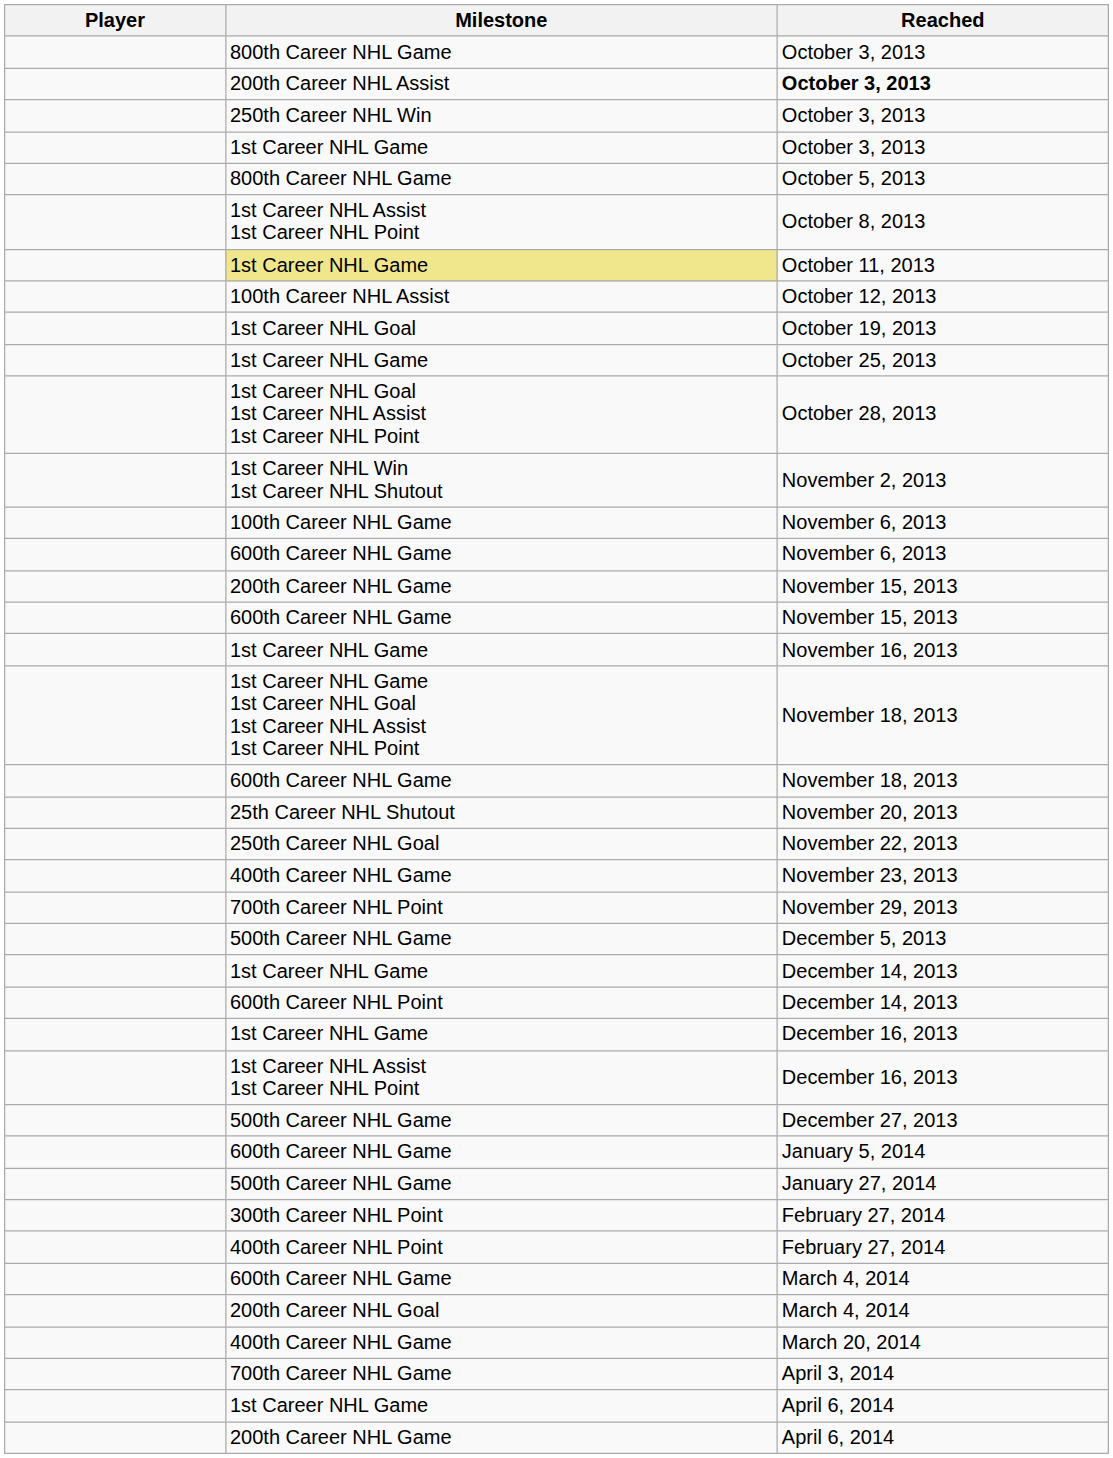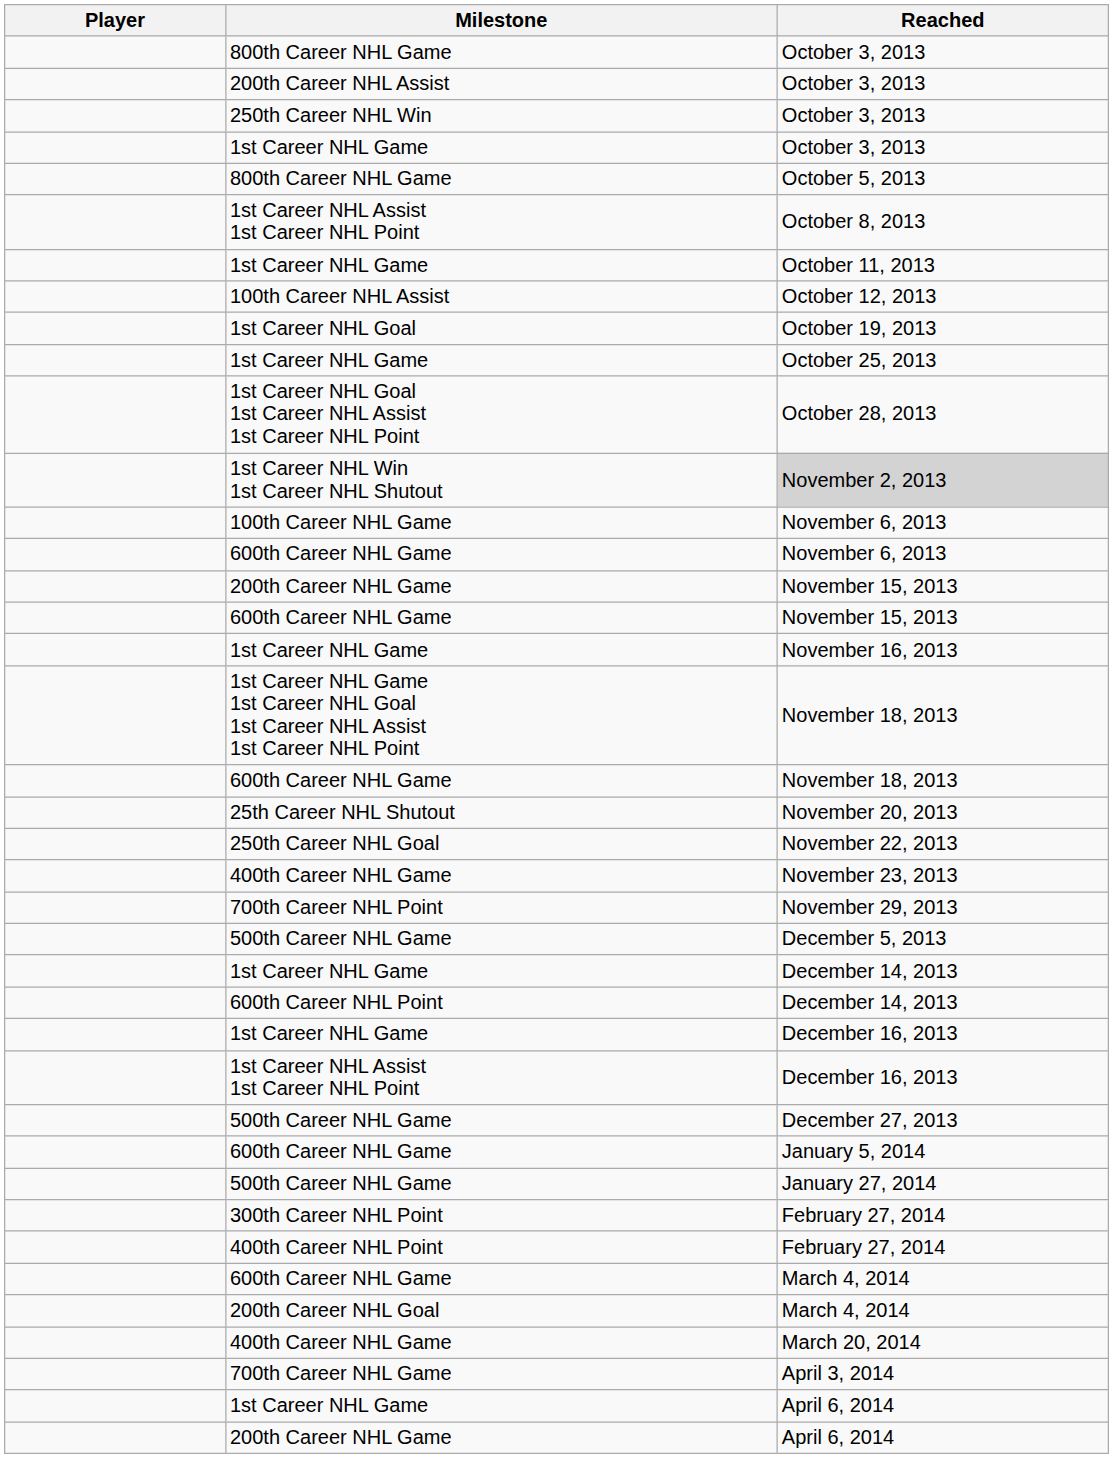 <table class="wikitable sortable" style="width:100%;">
 <tr align=center>
 <th style="width:20%;">Player</th>
 <th style="width:50%;">Milestone</th>
 <th style="width:30%;" data-sort-type="date">Reached</th>
 </tr>
 <tr>
 <td></td>
 <td>800th Career NHL Game</td>
 <td>October 3, 2013</td>
 </tr>
 <tr>
 <td></td>
 <td>200th Career NHL Assist</td>
-<td><strong>October 3, 2013</strong></td>
+<td>October 3, 2013</td>
 </tr>
 <tr>
 <td></td>
 <td>250th Career NHL Win</td>
 <td>October 3, 2013</td>
 </tr>
 <tr>
 <td></td>
 <td>1st Career NHL Game</td>
 <td>October 3, 2013</td>
 </tr>
 <tr>
 <td></td>
 <td>800th Career NHL Game</td>
 <td>October 5, 2013</td>
 </tr>
 <tr>
 <td></td>
 <td>1st Career NHL Assist<br>1st Career NHL Point</td>
 <td>October 8, 2013</td>
 </tr>
 <tr>
 <td></td>
-<td style="background: khaki;">1st Career NHL Game</td>
+<td>1st Career NHL Game</td>
 <td>October 11, 2013</td>
 </tr>
 <tr>
 <td></td>
 <td>100th Career NHL Assist</td>
 <td>October 12, 2013</td>
 </tr>
 <tr>
 <td></td>
 <td>1st Career NHL Goal</td>
 <td>October 19, 2013</td>
 </tr>
 <tr>
 <td></td>
 <td>1st Career NHL Game</td>
 <td>October 25, 2013</td>
 </tr>
 <tr>
 <td></td>
 <td>1st Career NHL Goal<br>1st Career NHL Assist<br>1st Career NHL Point</td>
 <td>October 28, 2013</td>
 </tr>
 <tr>
 <td></td>
 <td>1st Career NHL Win<br>1st Career NHL Shutout</td>
-<td>November 2, 2013</td>
+<td style="background: lightgrey;">November 2, 2013</td>
 </tr>
 <tr>
 <td></td>
 <td>100th Career NHL Game</td>
 <td>November 6, 2013</td>
 </tr>
 <tr>
 <td></td>
 <td>600th Career NHL Game</td>
 <td>November 6, 2013</td>
 </tr>
 <tr>
 <td></td>
 <td>200th Career NHL Game</td>
 <td>November 15, 2013</td>
 </tr>
 <tr>
 <td></td>
 <td>600th Career NHL Game</td>
 <td>November 15, 2013</td>
 </tr>
 <tr>
 <td></td>
 <td>1st Career NHL Game</td>
 <td>November 16, 2013</td>
 </tr>
 <tr>
 <td></td>
 <td>1st Career NHL Game<br>1st Career NHL Goal<br>1st Career NHL Assist<br>1st Career NHL Point</td>
 <td>November 18, 2013</td>
 </tr>
 <tr>
 <td></td>
 <td>600th Career NHL Game</td>
 <td>November 18, 2013</td>
 </tr>
 <tr>
 <td></td>
 <td>25th Career NHL Shutout</td>
 <td>November 20, 2013</td>
 </tr>
 <tr>
 <td></td>
 <td>250th Career NHL Goal</td>
 <td>November 22, 2013</td>
 </tr>
 <tr>
 <td></td>
 <td>400th Career NHL Game</td>
 <td>November 23, 2013</td>
 </tr>
 <tr>
 <td></td>
 <td>700th Career NHL Point</td>
 <td>November 29, 2013</td>
 </tr>
 <tr>
 <td></td>
 <td>500th Career NHL Game</td>
 <td>December 5, 2013</td>
 </tr>
 <tr>
 <td></td>
 <td>1st Career NHL Game</td>
 <td>December 14, 2013</td>
 </tr>
 <tr>
 <td></td>
 <td>600th Career NHL Point</td>
 <td>December 14, 2013</td>
 </tr>
 <tr>
 <td></td>
 <td>1st Career NHL Game</td>
 <td>December 16, 2013</td>
 </tr>
 <tr>
 <td></td>
 <td>1st Career NHL Assist<br>1st Career NHL Point</td>
 <td>December 16, 2013</td>
 </tr>
 <tr>
 <td></td>
 <td>500th Career NHL Game</td>
 <td>December 27, 2013</td>
 </tr>
 <tr>
 <td></td>
 <td>600th Career NHL Game</td>
 <td>January 5, 2014</td>
 </tr>
 <tr>
 <td></td>
 <td>500th Career NHL Game</td>
 <td>January 27, 2014</td>
 </tr>
 <tr>
 <td></td>
 <td>300th Career NHL Point</td>
 <td>February 27, 2014</td>
 </tr>
 <tr>
 <td></td>
 <td>400th Career NHL Point</td>
 <td>February 27, 2014</td>
 </tr>
 <tr>
 <td></td>
 <td>600th Career NHL Game</td>
 <td>March 4, 2014</td>
 </tr>
 <tr>
 <td></td>
 <td>200th Career NHL Goal</td>
 <td>March 4, 2014</td>
 </tr>
 <tr>
 <td></td>
 <td>400th Career NHL Game</td>
 <td>March 20, 2014</td>
 </tr>
 <tr>
 <td></td>
 <td>700th Career NHL Game</td>
 <td>April 3, 2014</td>
 </tr>
 <tr>
 <td></td>
 <td>1st Career NHL Game</td>
 <td>April 6, 2014</td>
 </tr>
 <tr>
 <td></td>
 <td>200th Career NHL Game</td>
 <td>April 6, 2014</td>
 </tr>
 </table>
